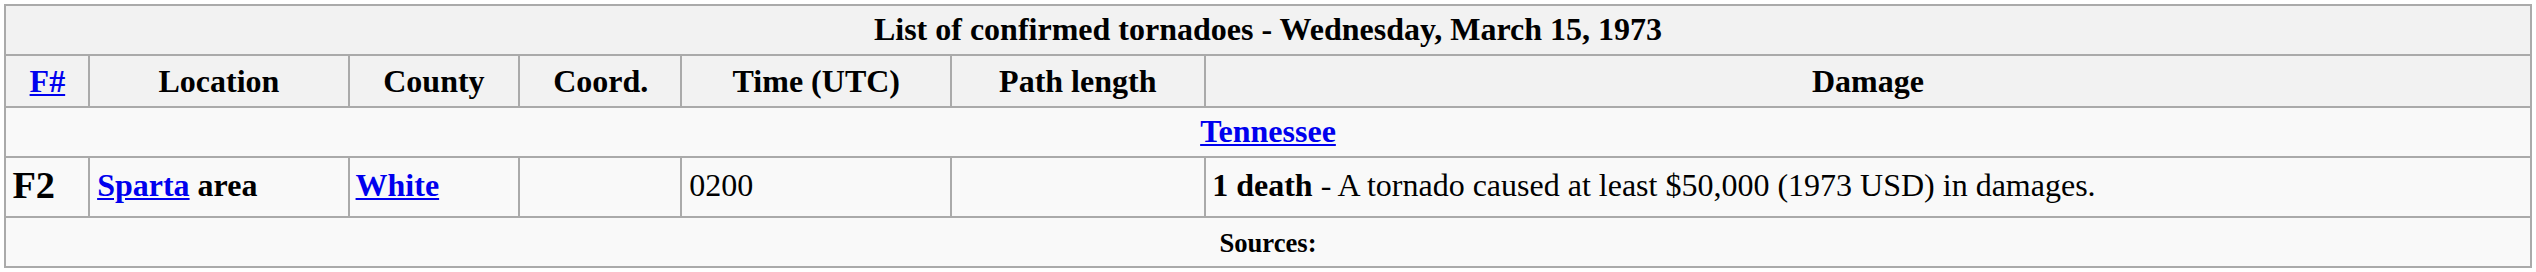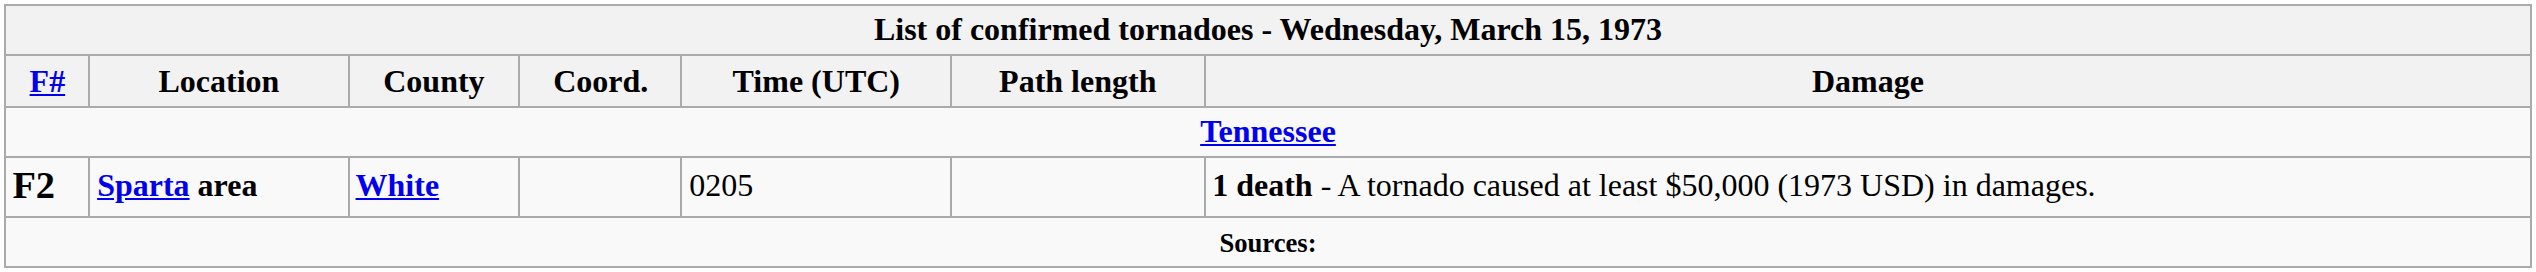 <table class="wikitable collapsible" width="100%">
 <tr>
 <th colspan="7">List of confirmed tornadoes - Wednesday, March 15, 1973</th>
 </tr>
 <tr>
 <th><a href='#'>F#</a></th>
 <th>Location</th>
 <th>County</th>
 <th>Coord.</th>
 <th>Time (UTC)</th>
 <th>Path length</th>
 <th>Damage</th>
 </tr>
 <tr>
 <td colspan="7" align=center><strong><a href='#'>Tennessee</a></strong></td>
 </tr>
 <tr>
 <td><big><strong>F2</strong></big></td>
 <td><strong><a href='#'>Sparta</a> area</strong></td>
 <td><strong><a href='#'>White</a></strong></td>
 <td></td>
-<td>0200</td>
+<td>0205</td>
 <td></td>
 <td><strong>1 death</strong> - A tornado caused at least $50,000 (1973 USD) in damages.</td>
 </tr>
 <tr>
 <td colspan="7" align=center><small><strong>Sources:</strong> </small></td>
 </tr>
 <tr>
 </tr>
 </table>
